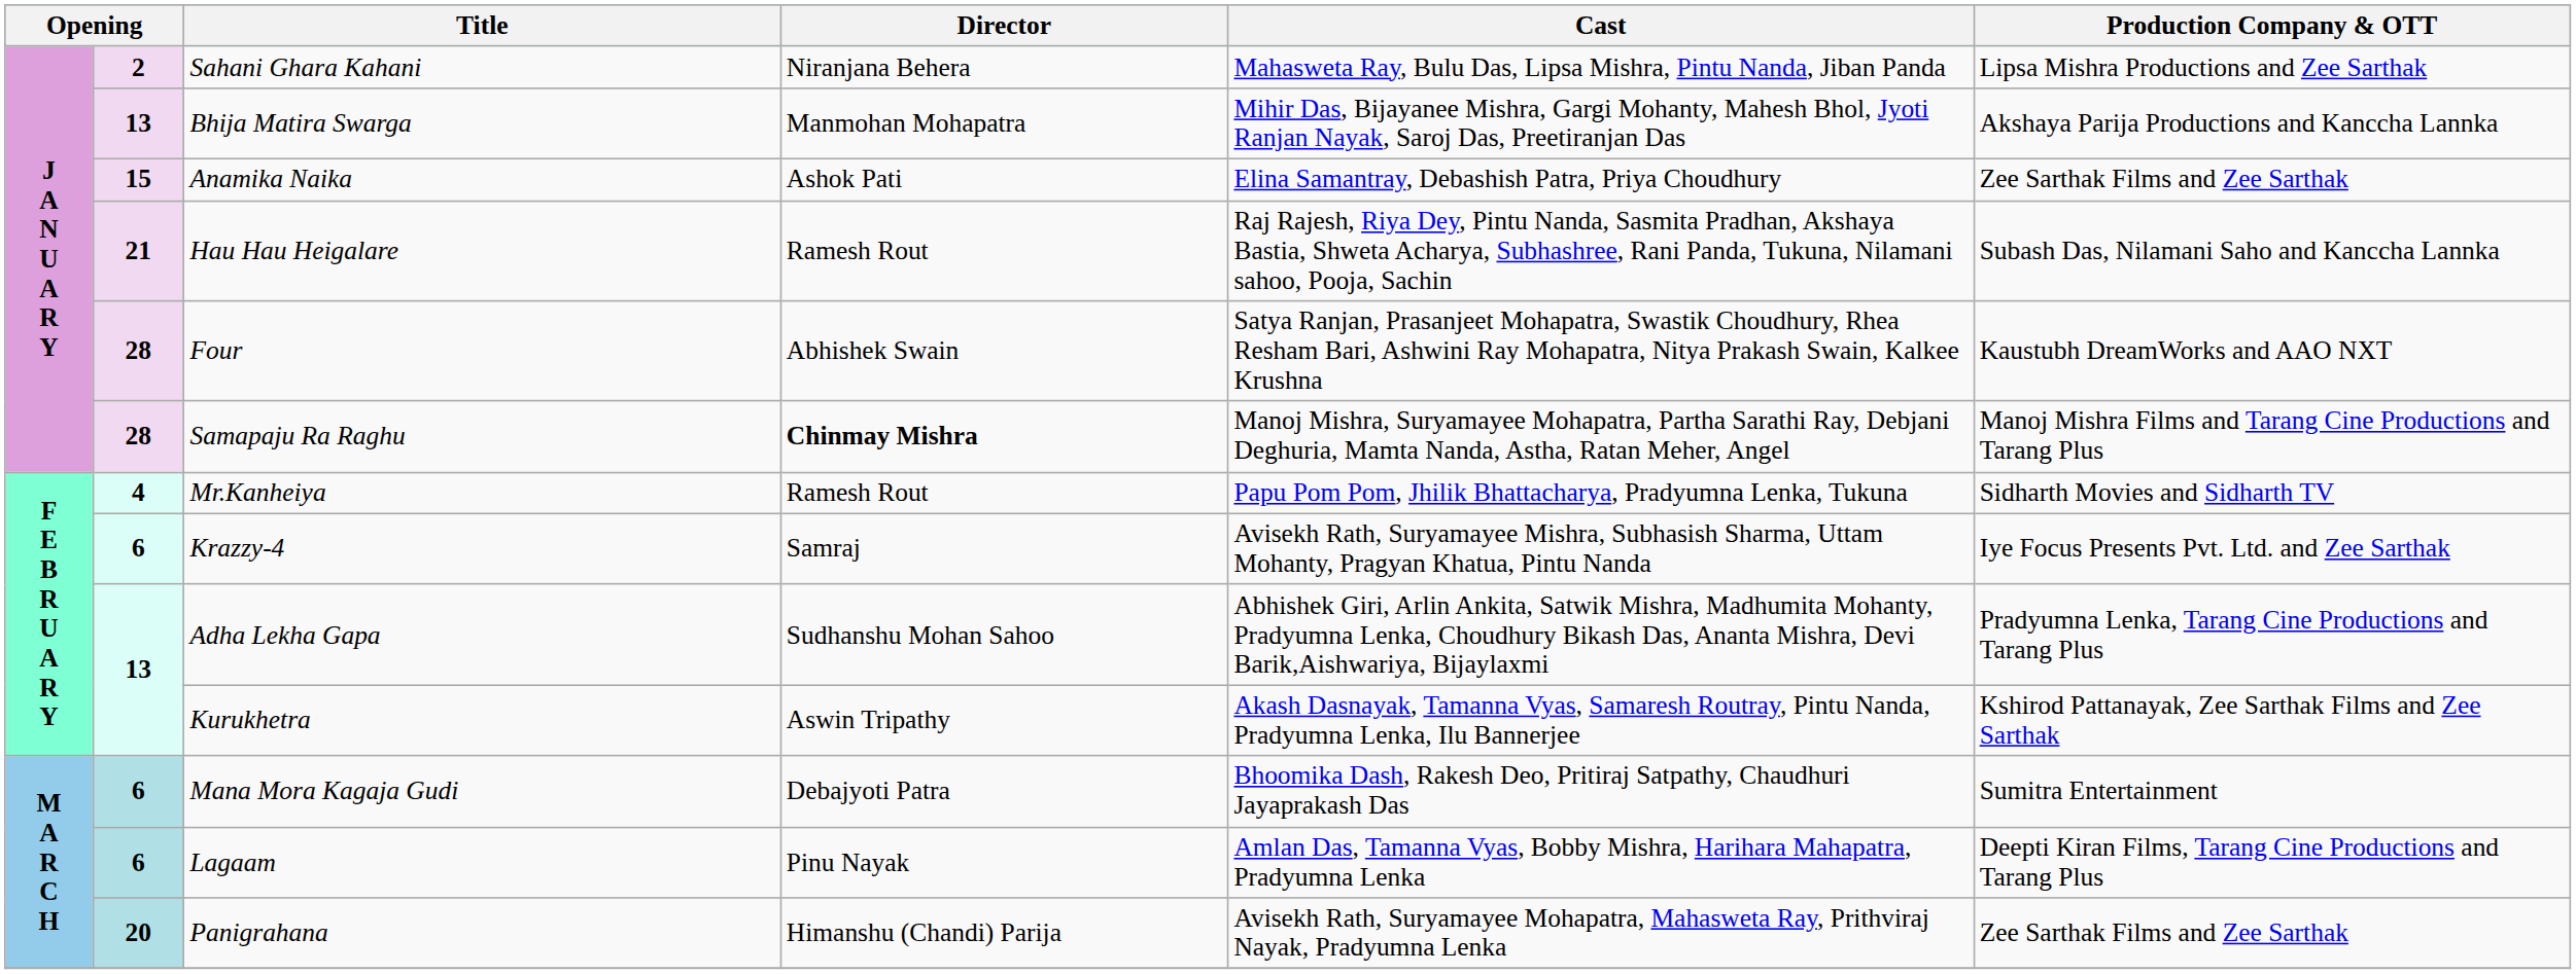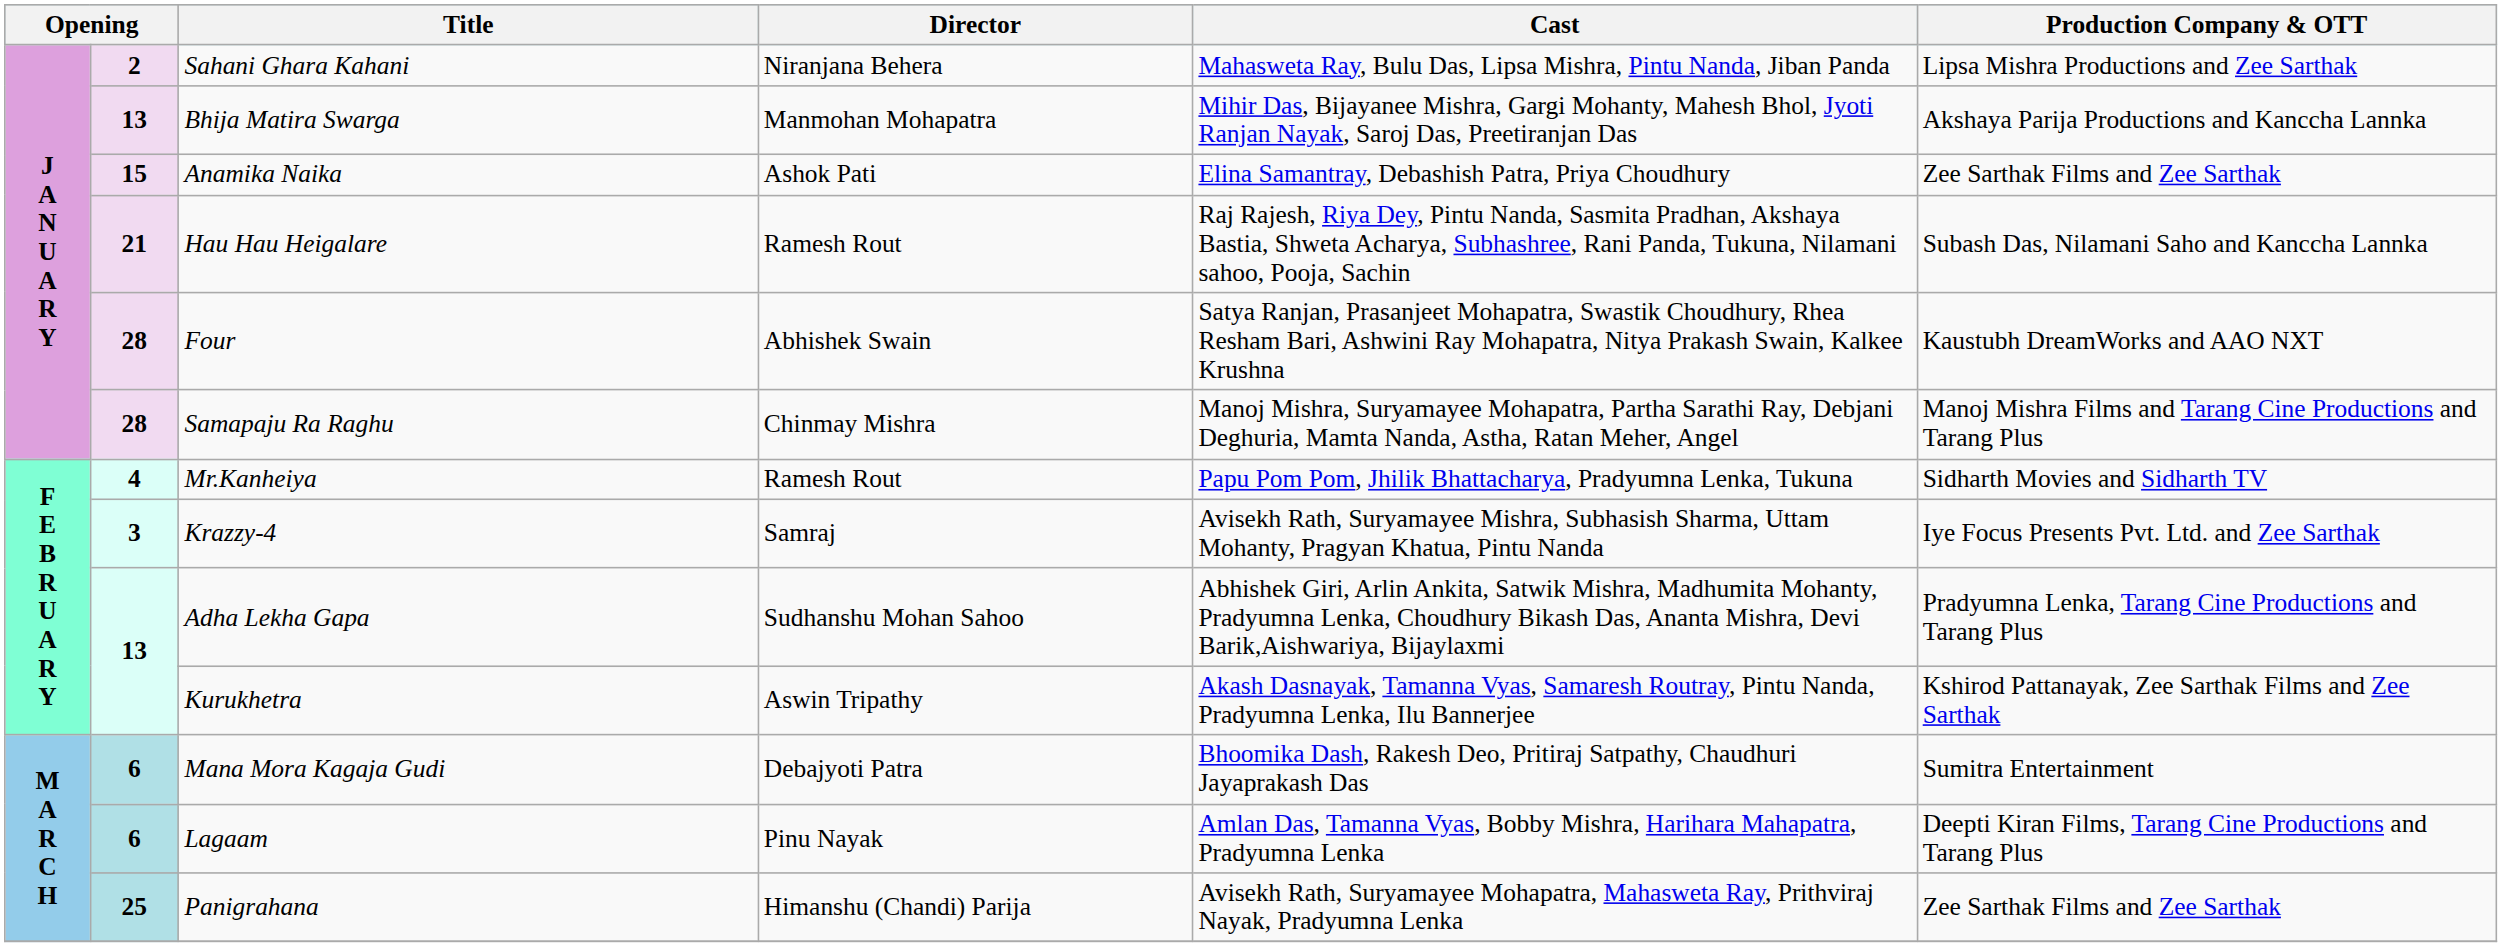 <table class="wikitable sortable">
 <tr style="background:#b0e0e6; text-align:center;">
 <th colspan="2" style="width:6%;"><strong>Opening</strong></th>
 <th style="width:20%;"><strong>Title</strong></th>
 <th style="width:15%;"><strong>Director</strong></th>
 <th style="width:25%;"><strong>Cast</strong></th>
 <th style="width:20%;"><strong>Production Company & OTT</strong></th>
 </tr>
 <tr>
 <th rowspan="6" style="text-align:center; background:plum; text color:#000;">J<br>A<br>N<br>U<br>A<br>R<br>Y</th>
 <td rowspan="1" style="text-align:center; background:#f1daf1"><strong>2</strong></td>
 <td><em>Sahani Ghara Kahani</em></td>
 <td>Niranjana Behera</td>
 <td><a href='#'>Mahasweta Ray</a>, Bulu Das, Lipsa Mishra, <a href='#'>Pintu Nanda</a>, Jiban Panda</td>
 <td>Lipsa Mishra Productions and <a href='#'>Zee Sarthak</a></td>
 </tr>
 <tr>
 <td rowspan="1" style="text-align:center; background:#f1daf1"><strong>13</strong></td>
 <td><em>Bhija Matira Swarga</em></td>
 <td>Manmohan Mohapatra</td>
 <td><a href='#'>Mihir Das</a>, Bijayanee Mishra, Gargi Mohanty, Mahesh Bhol, <a href='#'>Jyoti Ranjan Nayak</a>, Saroj Das, Preetiranjan Das</td>
 <td>Akshaya Parija Productions and Kanccha Lannka</td>
 </tr>
 <tr>
 <td rowspan="1" style="text-align:center; background:#f1daf1"><strong>15</strong></td>
 <td><em>Anamika Naika</em></td>
 <td>Ashok Pati</td>
 <td><a href='#'>Elina Samantray</a>, Debashish Patra, Priya Choudhury</td>
 <td>Zee Sarthak Films and <a href='#'>Zee Sarthak</a></td>
 </tr>
 <tr>
 <td rowspan="1" style="text-align:center; background:#f1daf1"><strong>21</strong></td>
 <td><em>Hau Hau Heigalare</em></td>
 <td>Ramesh Rout</td>
 <td>Raj Rajesh, <a href='#'>Riya Dey</a>, Pintu Nanda, Sasmita Pradhan, Akshaya Bastia, Shweta Acharya, <a href='#'>Subhashree</a>, Rani Panda, Tukuna, Nilamani sahoo, Pooja, Sachin</td>
 <td>Subash Das, Nilamani Saho and Kanccha Lannka</td>
 </tr>
 <tr>
 <td rowspan="1" style="text-align:center; background:#f1daf1"><strong>28</strong></td>
 <td><em>Four</em></td>
 <td>Abhishek Swain</td>
 <td>Satya Ranjan, Prasanjeet Mohapatra, Swastik Choudhury, Rhea Resham Bari, Ashwini Ray Mohapatra, Nitya Prakash Swain, Kalkee Krushna</td>
 <td>Kaustubh DreamWorks and AAO NXT</td>
 </tr>
 <tr>
 <td rowspan="1" style="text-align:center; background:#f1daf1"><strong>28</strong></td>
 <td><em>Samapaju Ra Raghu</em></td>
-<td><strong>Chinmay Mishra</strong></td>
+<td>Chinmay Mishra</td>
 <td>Manoj Mishra, Suryamayee Mohapatra, Partha Sarathi Ray, Debjani Deghuria, Mamta Nanda, Astha, Ratan Meher, Angel</td>
 <td>Manoj Mishra Films and <a href='#'>Tarang Cine Productions</a> and Tarang Plus</td>
 </tr>
 <tr>
 <th rowspan="4" style="text-align:center; background:#7FFFD4; text color:#000;">F<br>E<br>B<br>R<br>U<br>A<br>R<br>Y</th>
 <td rowspan="1" style="text-align:center; background:#dbfff8"><strong>4</strong></td>
 <td><em>Mr.Kanheiya</em></td>
 <td>Ramesh Rout</td>
 <td><a href='#'>Papu Pom Pom</a>, <a href='#'>Jhilik Bhattacharya</a>, Pradyumna Lenka, Tukuna</td>
 <td>Sidharth Movies and <a href='#'>Sidharth TV</a></td>
 </tr>
 <tr>
-<td rowspan="1" style="text-align:center; background:#dbfff8"><strong>6</strong></td>
+<td rowspan="1" style="text-align:center; background:#dbfff8"><strong>3</strong></td>
 <td><em>Krazzy-4</em></td>
 <td>Samraj</td>
 <td>Avisekh Rath, Suryamayee Mishra, Subhasish Sharma, Uttam Mohanty, Pragyan Khatua, Pintu Nanda</td>
 <td>Iye Focus Presents Pvt. Ltd. and <a href='#'>Zee Sarthak</a></td>
 </tr>
 <tr>
 <td rowspan="2" style="text-align:center; background:#dbfff8"><strong>13</strong></td>
 <td><em>Adha Lekha Gapa</em></td>
 <td>Sudhanshu Mohan Sahoo</td>
 <td>Abhishek Giri, Arlin Ankita, Satwik Mishra, Madhumita Mohanty, Pradyumna Lenka, Choudhury Bikash Das, Ananta Mishra, Devi Barik,Aishwariya, Bijaylaxmi</td>
 <td>Pradyumna Lenka, <a href='#'>Tarang Cine Productions</a> and Tarang Plus</td>
 </tr>
 <tr>
 <td><em>Kurukhetra</em></td>
 <td>Aswin Tripathy</td>
 <td><a href='#'>Akash Dasnayak</a>, <a href='#'>Tamanna Vyas</a>, <a href='#'>Samaresh Routray</a>, Pintu Nanda, Pradyumna Lenka, Ilu Bannerjee</td>
 <td>Kshirod Pattanayak, Zee Sarthak Films and <a href='#'>Zee Sarthak</a></td>
 </tr>
 <tr>
 <th rowspan="3" style="text-align:center; background:#93CCEA; text color:#000;">M<br>A<br>R<br>C<br>H</th>
 <td rowspan="1" style="text-align:center; background:#B0E0E6"><strong>6</strong></td>
 <td><em>Mana Mora Kagaja Gudi</em></td>
 <td>Debajyoti Patra</td>
 <td><a href='#'>Bhoomika Dash</a>, Rakesh Deo, Pritiraj Satpathy, Chaudhuri Jayaprakash Das</td>
 <td>Sumitra Entertainment</td>
 </tr>
 <tr>
 <td rowspan="1" style="text-align:center; background:#B0E0E6"><strong>6</strong></td>
 <td><em>Lagaam</em></td>
 <td>Pinu Nayak</td>
 <td><a href='#'>Amlan Das</a>, <a href='#'>Tamanna Vyas</a>, Bobby Mishra, <a href='#'>Harihara Mahapatra</a>, Pradyumna Lenka</td>
 <td>Deepti Kiran Films, <a href='#'>Tarang Cine Productions</a> and Tarang Plus</td>
 </tr>
 <tr>
-<td rowspan="1" style="text-align:center; background:#B0E0E6"><strong>20</strong></td>
+<td rowspan="1" style="text-align:center; background:#B0E0E6"><strong>25</strong></td>
 <td><em>Panigrahana</em></td>
 <td>Himanshu (Chandi) Parija</td>
 <td>Avisekh Rath, Suryamayee Mohapatra, <a href='#'>Mahasweta Ray</a>, Prithviraj Nayak, Pradyumna Lenka</td>
 <td>Zee Sarthak Films and <a href='#'>Zee Sarthak</a></td>
 </tr>
 <tr>
 </tr>
 </table>
